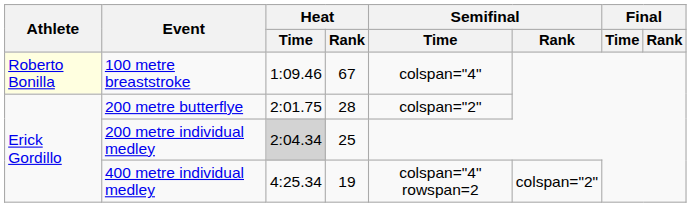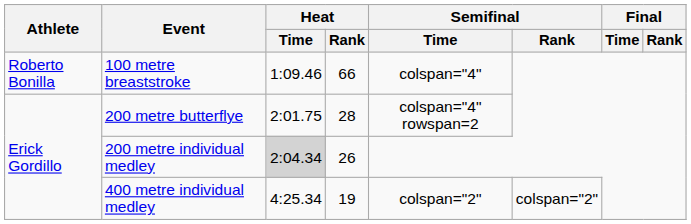 <table class="wikitable" style="text-align:center; font-size:90%; width:50%;">
 <tr>
 <th rowspan="2">Athlete</th>
 <th rowspan="2">Event</th>
 <th colspan="2">Heat</th>
 <th colspan="2">Semifinal</th>
 <th colspan="2">Final</th>
 </tr>
 <tr style="font-size:95%">
 <th>Time</th>
 <th>Rank</th>
 <th>Time</th>
 <th>Rank</th>
 <th>Time</th>
 <th>Rank</th>
 </tr>
 <tr align=center>
-<td align=left style="background: lightyellow;"><a href='#'>Roberto Bonilla</a></td>
+<td align=left><a href='#'>Roberto Bonilla</a></td>
 <td align=left><a href='#'>100 metre breaststroke</a></td>
 <td>1:09.46</td>
-<td>67</td>
+<td>66</td>
 <td>colspan="4" </td>
 </tr>
 <tr align=center>
 <td align=left rowspan=3><a href='#'>Erick Gordillo</a></td>
 <td align=left><a href='#'>200 metre butterflye</a></td>
 <td>2:01.75</td>
 <td>28</td>
-<td>colspan="2" </td>
+<td>colspan="4" rowspan=2 </td>
 </tr>
 <tr align=center>
 <td align=left><a href='#'>200 metre individual medley</a></td>
 <td style="background: lightgrey;">2:04.34</td>
-<td>25</td>
+<td>26</td>
 </tr>
 <tr align=center>
 <td align=left><a href='#'>400 metre individual medley</a></td>
 <td>4:25.34</td>
 <td>19</td>
-<td>colspan="4" rowspan=2 </td>
+<td>colspan="2" </td>
 <td>colspan="2" </td>
 </tr>
 </table>
